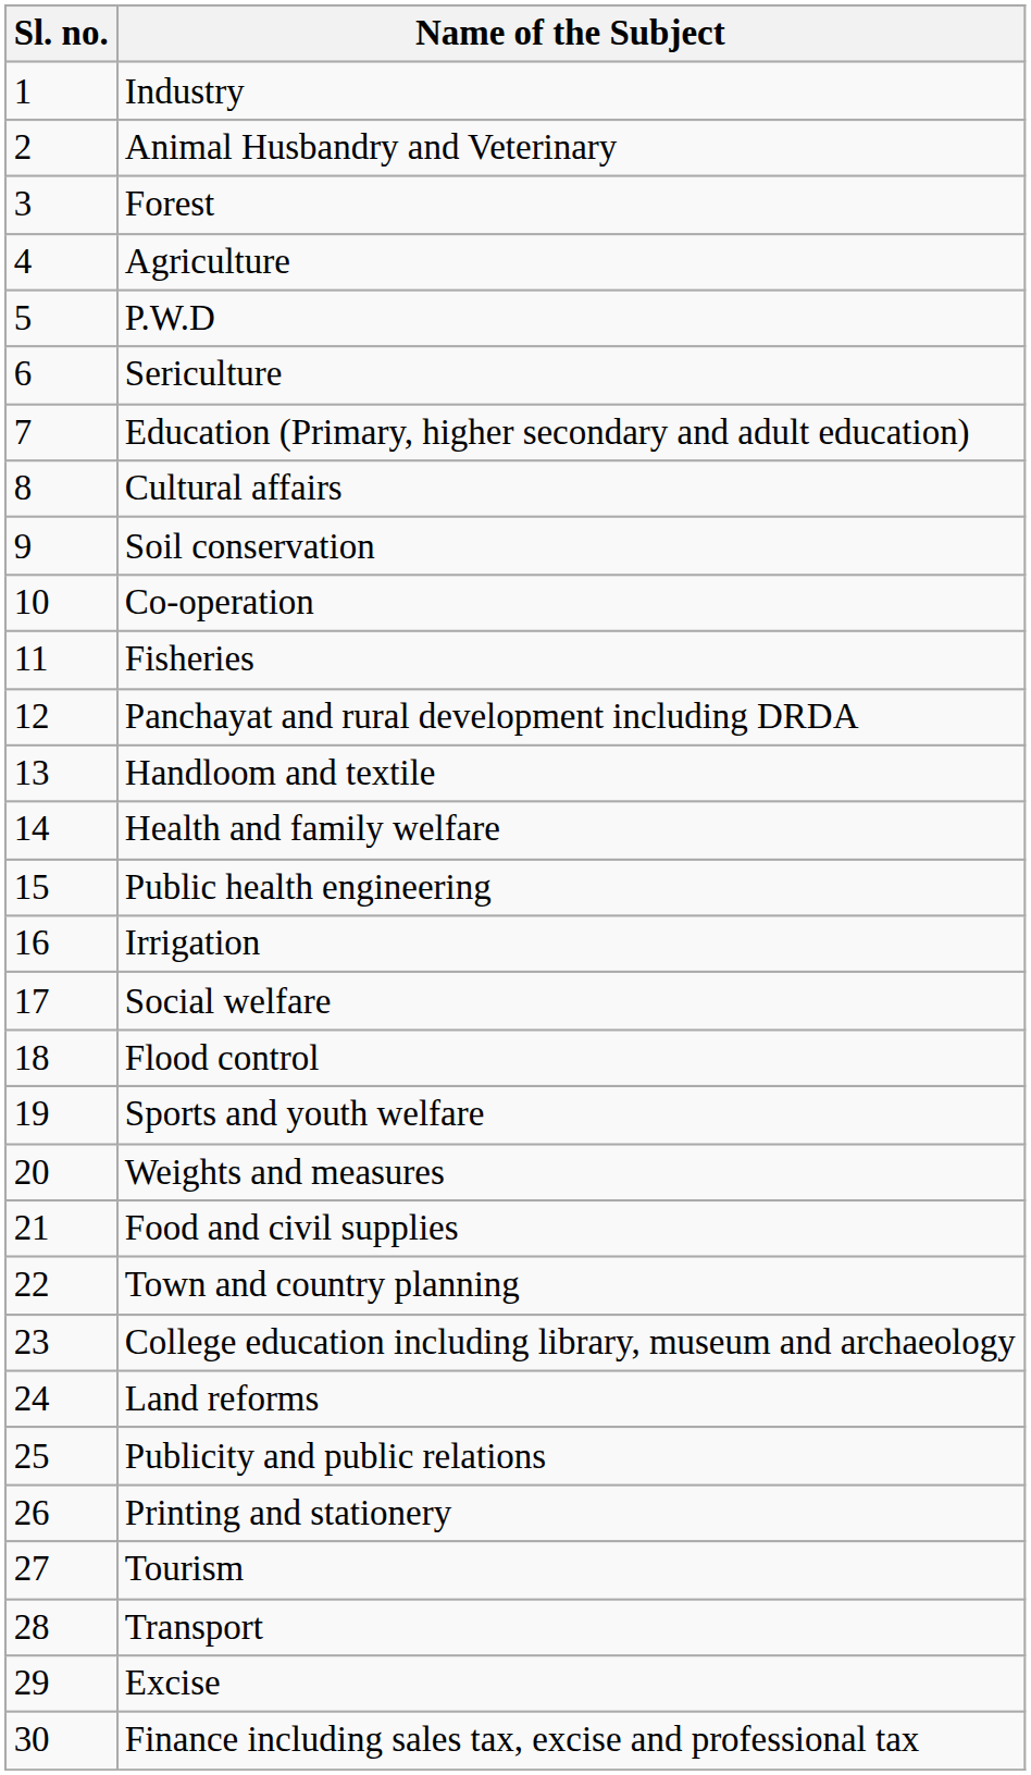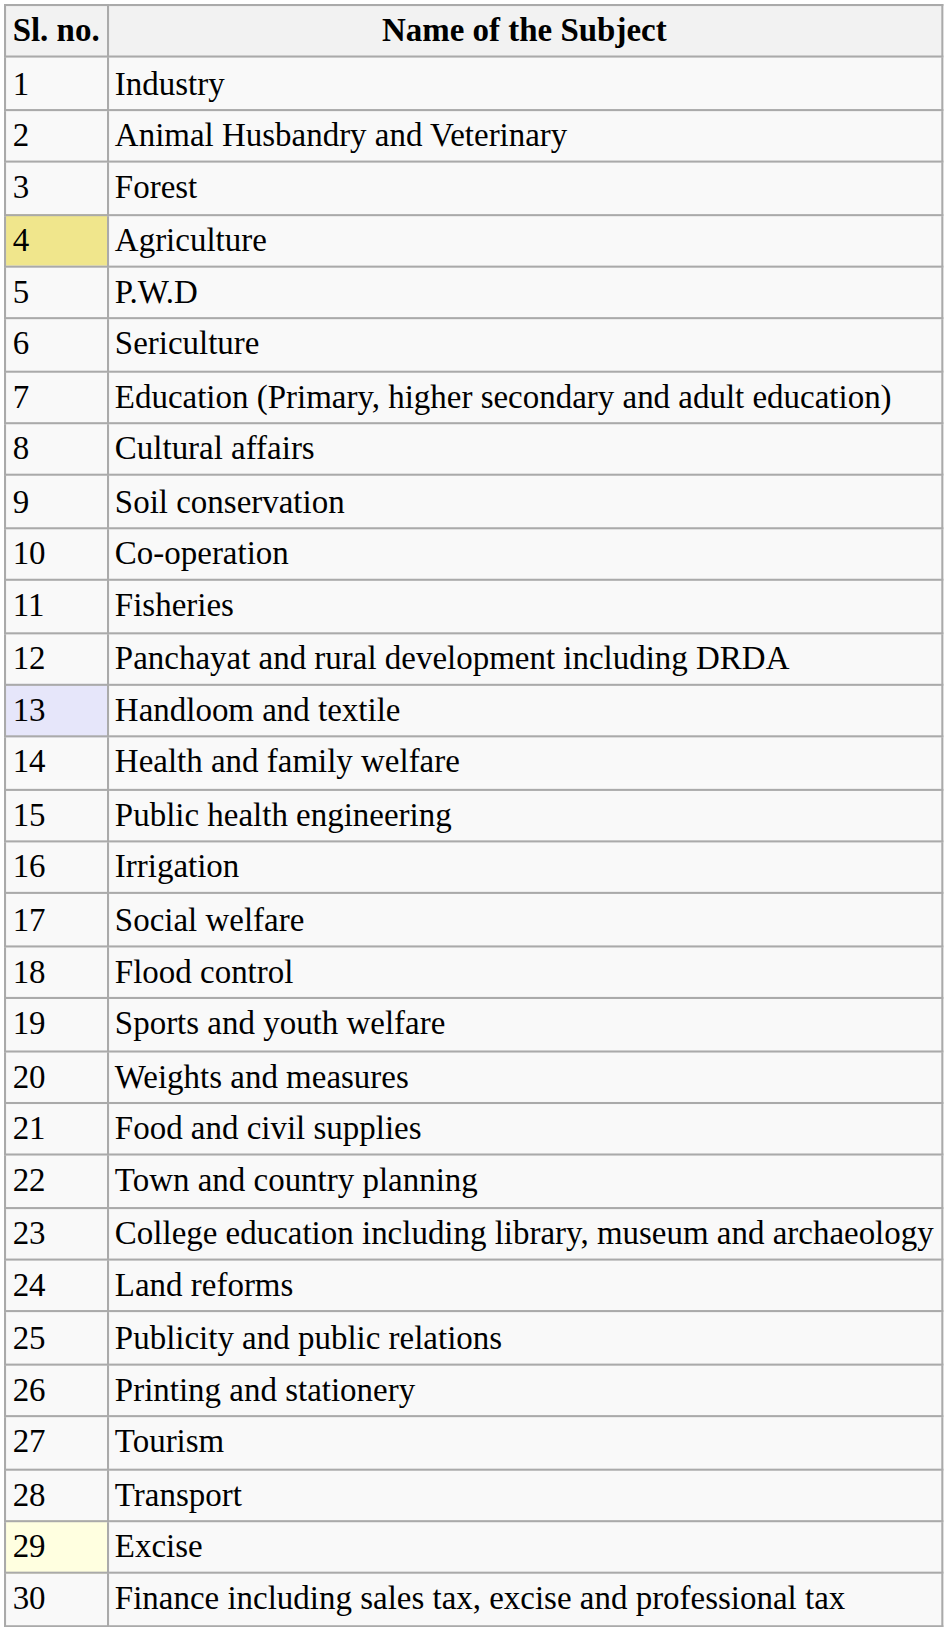 <table class="wikitable mw-collapsible">
 <tr>
 <th>Sl. no.</th>
 <th>Name of the Subject</th>
 </tr>
 <tr>
 <td>1</td>
 <td>Industry</td>
 </tr>
 <tr>
 <td>2</td>
 <td>Animal Husbandry and Veterinary</td>
 </tr>
 <tr>
 <td>3</td>
 <td>Forest</td>
 </tr>
 <tr>
-<td>4</td>
+<td style="background: khaki;">4</td>
 <td>Agriculture</td>
 </tr>
 <tr>
 <td>5</td>
 <td>P.W.D</td>
 </tr>
 <tr>
 <td>6</td>
 <td>Sericulture</td>
 </tr>
 <tr>
 <td>7</td>
 <td>Education (Primary, higher secondary and adult education)</td>
 </tr>
 <tr>
 <td>8</td>
 <td>Cultural affairs</td>
 </tr>
 <tr>
 <td>9</td>
 <td>Soil conservation</td>
 </tr>
 <tr>
 <td>10</td>
 <td>Co-operation</td>
 </tr>
 <tr>
 <td>11</td>
 <td>Fisheries</td>
 </tr>
 <tr>
 <td>12</td>
 <td>Panchayat and rural development including DRDA</td>
 </tr>
 <tr>
-<td>13</td>
+<td style="background: lavender;">13</td>
 <td>Handloom and textile</td>
 </tr>
 <tr>
 <td>14</td>
 <td>Health and family welfare</td>
 </tr>
 <tr>
 <td>15</td>
 <td>Public health engineering</td>
 </tr>
 <tr>
 <td>16</td>
 <td>Irrigation</td>
 </tr>
 <tr>
 <td>17</td>
 <td>Social welfare</td>
 </tr>
 <tr>
 <td>18</td>
 <td>Flood control</td>
 </tr>
 <tr>
 <td>19</td>
 <td>Sports and youth welfare</td>
 </tr>
 <tr>
 <td>20</td>
 <td>Weights and measures</td>
 </tr>
 <tr>
 <td>21</td>
 <td>Food and civil supplies</td>
 </tr>
 <tr>
 <td>22</td>
 <td>Town and country planning</td>
 </tr>
 <tr>
 <td>23</td>
 <td>College education including library, museum and archaeology</td>
 </tr>
 <tr>
 <td>24</td>
 <td>Land reforms</td>
 </tr>
 <tr>
 <td>25</td>
 <td>Publicity and public relations</td>
 </tr>
 <tr>
 <td>26</td>
 <td>Printing and stationery</td>
 </tr>
 <tr>
 <td>27</td>
 <td>Tourism</td>
 </tr>
 <tr>
 <td>28</td>
 <td>Transport</td>
 </tr>
 <tr>
-<td>29</td>
+<td style="background: lightyellow;">29</td>
 <td>Excise</td>
 </tr>
 <tr>
 <td>30</td>
 <td>Finance including sales tax, excise and professional tax</td>
 </tr>
 </table>
